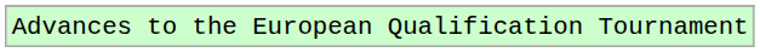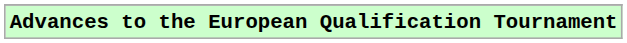 <table class="wikitable">
 <tr>
 </tr>
 <tr width=10px bgcolor=ccffcc>
-<td>Advances to the European Qualification Tournament</td>
+<td><strong>Advances to the European Qualification Tournament</strong></td>
 </tr>
 </table>
